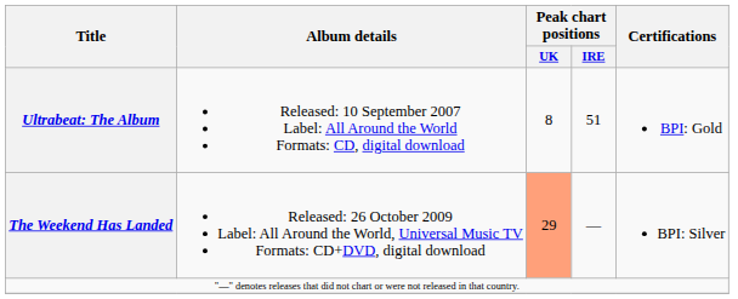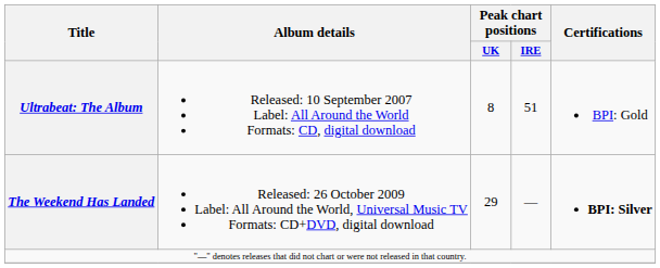 <table class="wikitable plainrowheaders" style="text-align:center;">
 <tr>
 <th scope="col" rowspan="2">Title</th>
 <th scope="col" rowspan="2">Album details</th>
 <th scope="col" colspan="2">Peak chart positions</th>
 <th scope="col" rowspan="2">Certifications</th>
 </tr>
 <tr>
 <th scope="col" style="width:3em;font-size:85%;"><a href='#'>UK</a><br></th>
 <th scope="col" style="width:3em;font-size:85%;"><a href='#'>IRE</a><br></th>
 </tr>
 <tr>
 <th scope="row"><em><a href='#'>Ultrabeat: The Album</a></em></th>
 <td><br><ul><li>Released: 10 September 2007</li><li>Label: <a href='#'>All Around the World</a></li><li>Formats: <a href='#'>CD</a>, <a href='#'>digital download</a></li></ul></td>
 <td align="center">8</td>
 <td align="center">51</td>
 <td><br><ul><li><a href='#'>BPI</a>: Gold</li></ul></td>
 </tr>
 <tr>
 <th scope="row"><em><a href='#'>The Weekend Has Landed</a></em></th>
 <td><br><ul><li>Released: 26 October 2009</li><li>Label: All Around the World, <a href='#'>Universal Music TV</a></li><li>Formats: CD+<a href='#'>DVD</a>, digital download</li></ul></td>
-<td align="center" style="background: lightsalmon;">29</td>
+<td align="center">29</td>
 <td align="center">—</td>
-<td><br><ul><li>BPI: Silver</li></ul></td>
+<td><strong><br><ul><li>BPI: Silver</li></ul></strong></td>
 </tr>
 <tr>
 <td align="center" colspan="16" style="font-size: 8pt">"—" denotes releases that did not chart or were not released in that country.</td>
 </tr>
 <tr>
 </tr>
 </table>
